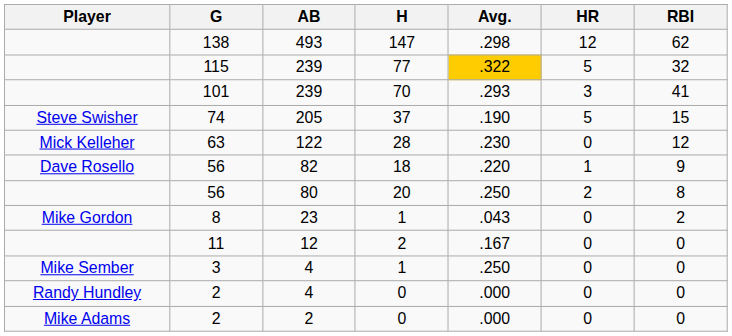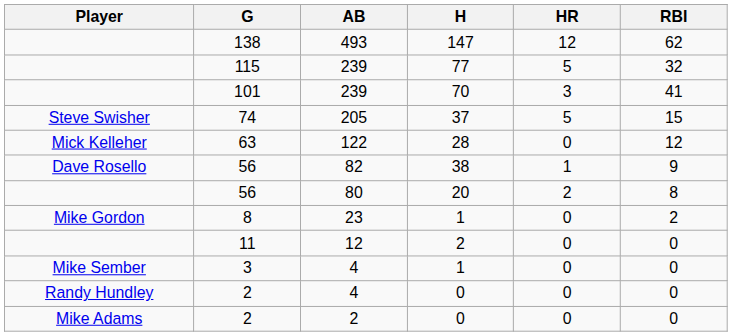 <table class="wikitable sortable">
 <tr>
 <th bgcolor="#DDDDFF" width="16%">Player</th>
 <th bgcolor="#DDDDFF" width="9%">G</th>
 <th bgcolor="#DDDDFF" width="9%">AB</th>
 <th bgcolor="#DDDDFF" width="9%">H</th>
-<th bgcolor="#DDDDFF" width="9%">Avg.</th>
 <th bgcolor="#DDDDFF" width="9%">HR</th>
 <th bgcolor="#DDDDFF" width="9%">RBI</th>
 </tr>
 <tr align="center">
 <td></td>
 <td>138</td>
 <td>493</td>
 <td>147</td>
-<td>.298</td>
 <td>12</td>
 <td>62</td>
 </tr>
 <tr align="center">
 <td></td>
 <td>115</td>
 <td>239</td>
 <td>77</td>
-<td style="background:#fc0;">.322</td>
 <td>5</td>
 <td>32</td>
 </tr>
 <tr align="center">
 <td></td>
 <td>101</td>
 <td>239</td>
 <td>70</td>
-<td>.293</td>
 <td>3</td>
 <td>41</td>
 </tr>
 <tr align="center">
 <td><a href='#'>Steve Swisher</a></td>
 <td>74</td>
 <td>205</td>
 <td>37</td>
-<td>.190</td>
 <td>5</td>
 <td>15</td>
 </tr>
 <tr align="center">
 <td><a href='#'>Mick Kelleher</a></td>
 <td>63</td>
 <td>122</td>
 <td>28</td>
-<td>.230</td>
 <td>0</td>
 <td>12</td>
 </tr>
 <tr align="center">
 <td><a href='#'>Dave Rosello</a></td>
 <td>56</td>
 <td>82</td>
-<td>18</td>
-<td>.220</td>
+<td>38</td>
 <td>1</td>
 <td>9</td>
 </tr>
 <tr align="center">
 <td></td>
 <td>56</td>
 <td>80</td>
 <td>20</td>
-<td>.250</td>
 <td>2</td>
 <td>8</td>
 </tr>
 <tr align="center">
 <td><a href='#'>Mike Gordon</a></td>
 <td>8</td>
 <td>23</td>
 <td>1</td>
-<td>.043</td>
 <td>0</td>
 <td>2</td>
 </tr>
 <tr align="center">
 <td></td>
 <td>11</td>
 <td>12</td>
 <td>2</td>
-<td>.167</td>
 <td>0</td>
 <td>0</td>
 </tr>
 <tr align="center">
 <td><a href='#'>Mike Sember</a></td>
 <td>3</td>
 <td>4</td>
 <td>1</td>
-<td>.250</td>
 <td>0</td>
 <td>0</td>
 </tr>
 <tr align="center">
 <td><a href='#'>Randy Hundley</a></td>
 <td>2</td>
 <td>4</td>
 <td>0</td>
-<td>.000</td>
 <td>0</td>
 <td>0</td>
 </tr>
 <tr align="center">
 <td><a href='#'>Mike Adams</a></td>
 <td>2</td>
 <td>2</td>
 <td>0</td>
-<td>.000</td>
 <td>0</td>
 <td>0</td>
 </tr>
 </table>
